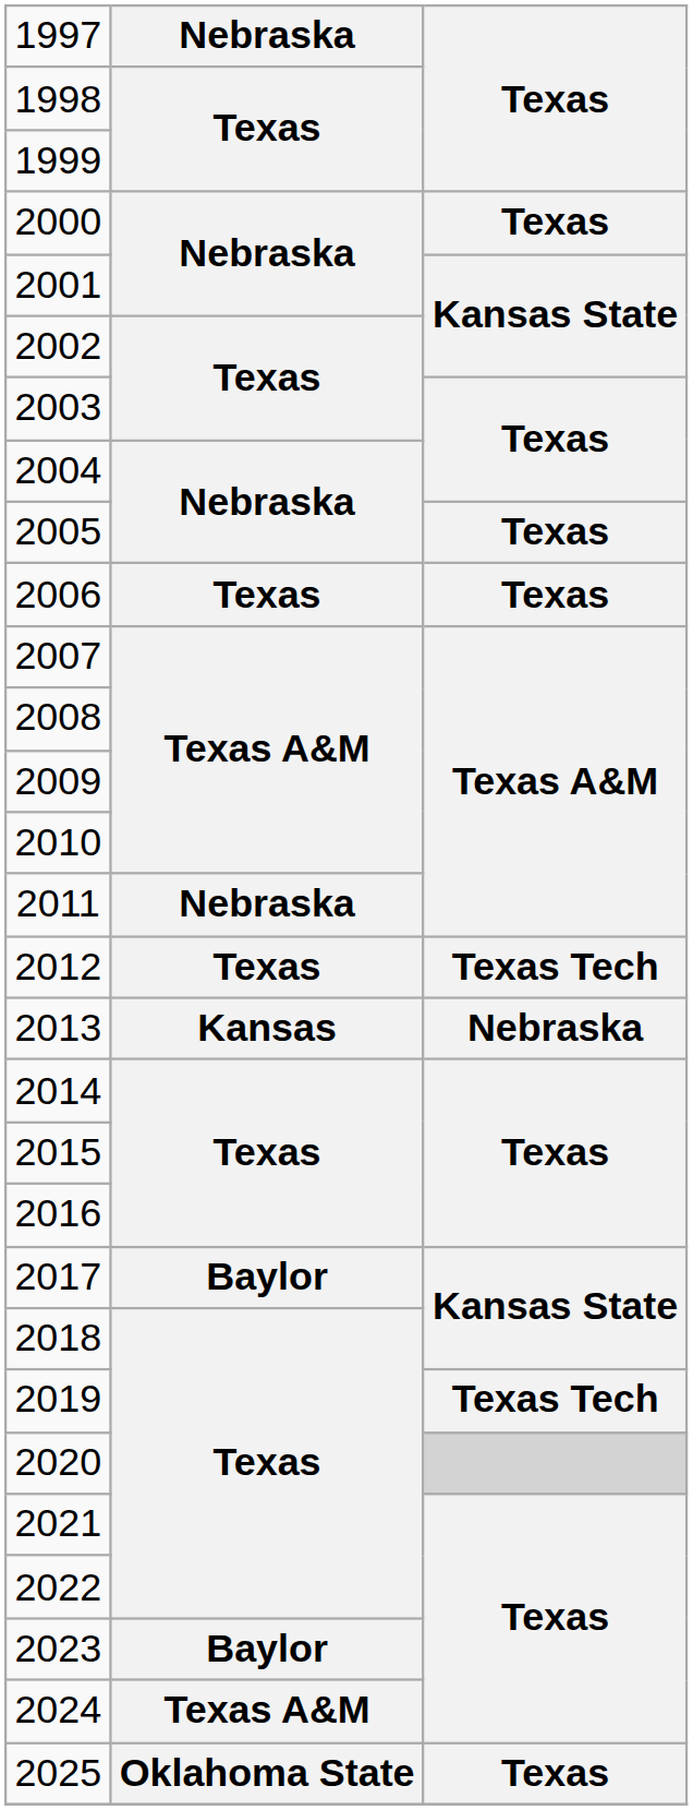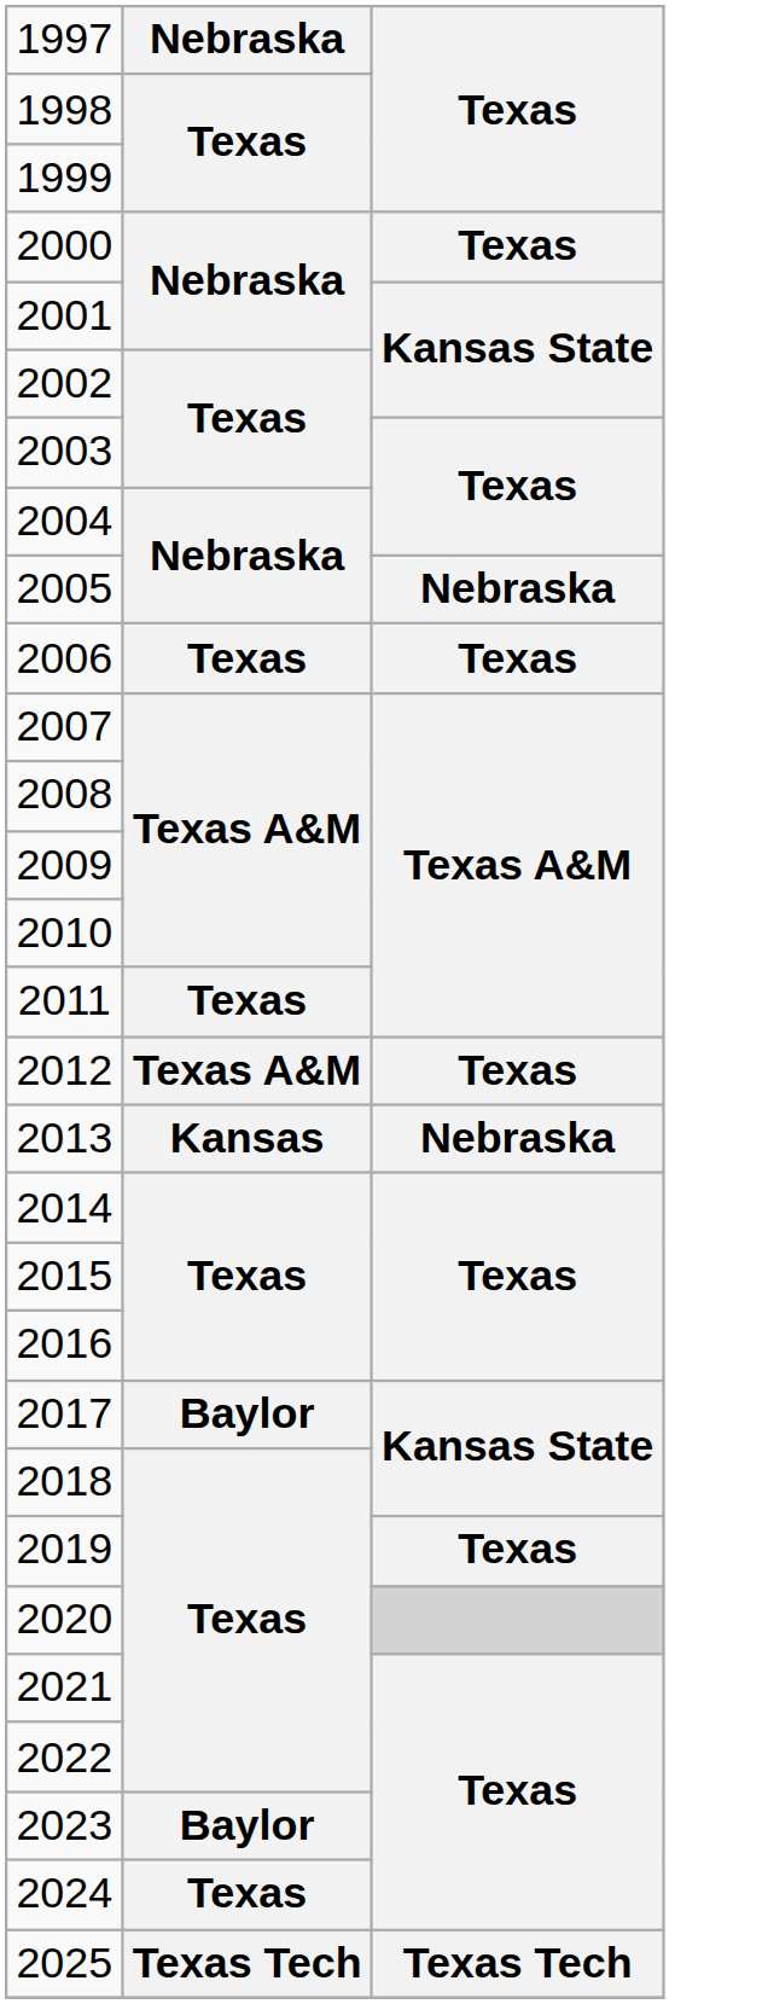 <table class="wikitable" style="text-align: center;">
 <tr>
 <td>1997</td>
 <th>Nebraska</th>
 <th rowspan="3">Texas</th>
 </tr>
 <tr>
 <td>1998</td>
 <th rowspan="2">Texas</th>
 </tr>
 <tr>
 <td>1999</td>
 </tr>
 <tr>
 <td>2000</td>
 <th rowspan="2">Nebraska</th>
 <th>Texas</th>
 </tr>
 <tr>
 <td>2001</td>
 <th rowspan="2">Kansas State</th>
 </tr>
 <tr>
 <td>2002</td>
 <th rowspan="2">Texas</th>
 </tr>
 <tr>
 <td>2003</td>
 <th rowspan="2">Texas</th>
 </tr>
 <tr>
 <td>2004</td>
 <th rowspan="2">Nebraska</th>
 </tr>
 <tr>
 <td>2005</td>
-<th>Texas</th>
+<th>Nebraska</th>
 </tr>
 <tr>
 <td>2006</td>
 <th>Texas</th>
 <th>Texas</th>
 </tr>
 <tr>
 <td>2007</td>
 <th rowspan="4">Texas A&M</th>
 <th rowspan="5">Texas A&M</th>
 </tr>
 <tr>
 <td>2008</td>
 </tr>
 <tr>
 <td>2009</td>
 </tr>
 <tr>
 <td>2010</td>
 </tr>
 <tr>
 <td>2011</td>
-<th>Nebraska</th>
+<th>Texas</th>
 </tr>
 <tr>
 <td>2012</td>
+<th>Texas A&M</th>
 <th>Texas</th>
-<th>Texas Tech</th>
 </tr>
 <tr>
 <td>2013</td>
 <th>Kansas</th>
 <th>Nebraska</th>
 </tr>
 <tr>
 <td>2014</td>
 <th rowspan="3">Texas</th>
 <th rowspan="3">Texas</th>
 </tr>
 <tr>
 <td>2015</td>
 </tr>
 <tr>
 <td>2016</td>
 </tr>
 <tr>
 <td>2017</td>
 <th>Baylor</th>
 <th rowspan="2">Kansas State</th>
 </tr>
 <tr>
 <td>2018</td>
 <th rowspan="5">Texas</th>
 </tr>
 <tr>
 <td>2019</td>
-<th>Texas Tech</th>
+<th>Texas</th>
 </tr>
 <tr>
 <td>2020</td>
 <td bgcolor="#d3d3d3"></td>
 </tr>
 <tr>
 <td>2021</td>
 <th rowspan="4">Texas</th>
 </tr>
 <tr>
 <td>2022</td>
 </tr>
 <tr>
 <td>2023</td>
 <th>Baylor</th>
 </tr>
 <tr>
 <td>2024</td>
-<th>Texas A&M</th>
+<th>Texas</th>
 </tr>
 <tr>
 <td>2025</td>
-<th>Oklahoma State</th>
-<th>Texas</th>
+<th>Texas Tech</th>
+<th>Texas Tech</th>
 </tr>
 <tr>
 </tr>
 </table>
